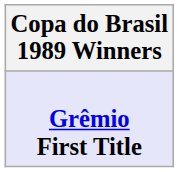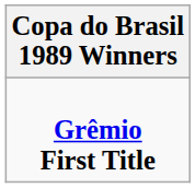 <table class="wikitable" style="text-align: center; margin: 0 auto;">
 <tr>
 <th>Copa do Brasil<br>1989 Winners</th>
 </tr>
 <tr>
-<td style="background: lavender;"><br><strong><a href='#'>Grêmio</a></strong><br><strong>First Title</strong></td>
+<td><br><strong><a href='#'>Grêmio</a></strong><br><strong>First Title</strong></td>
 </tr>
 </table>
